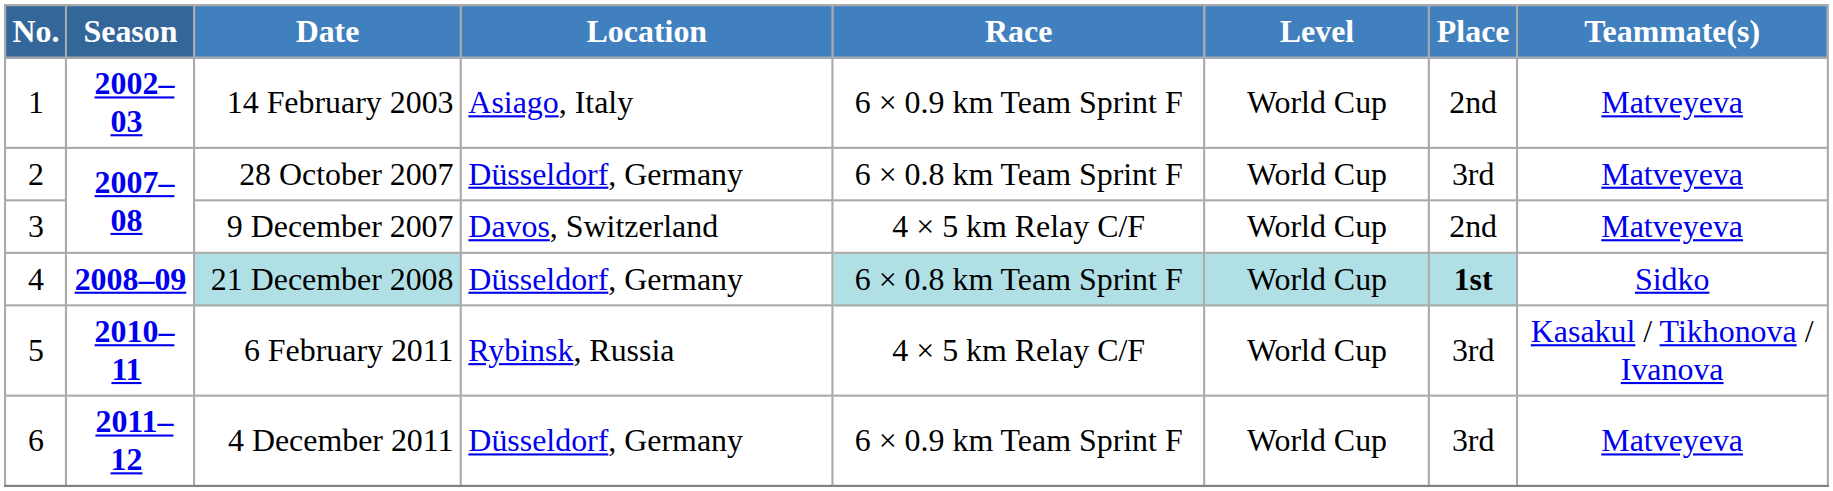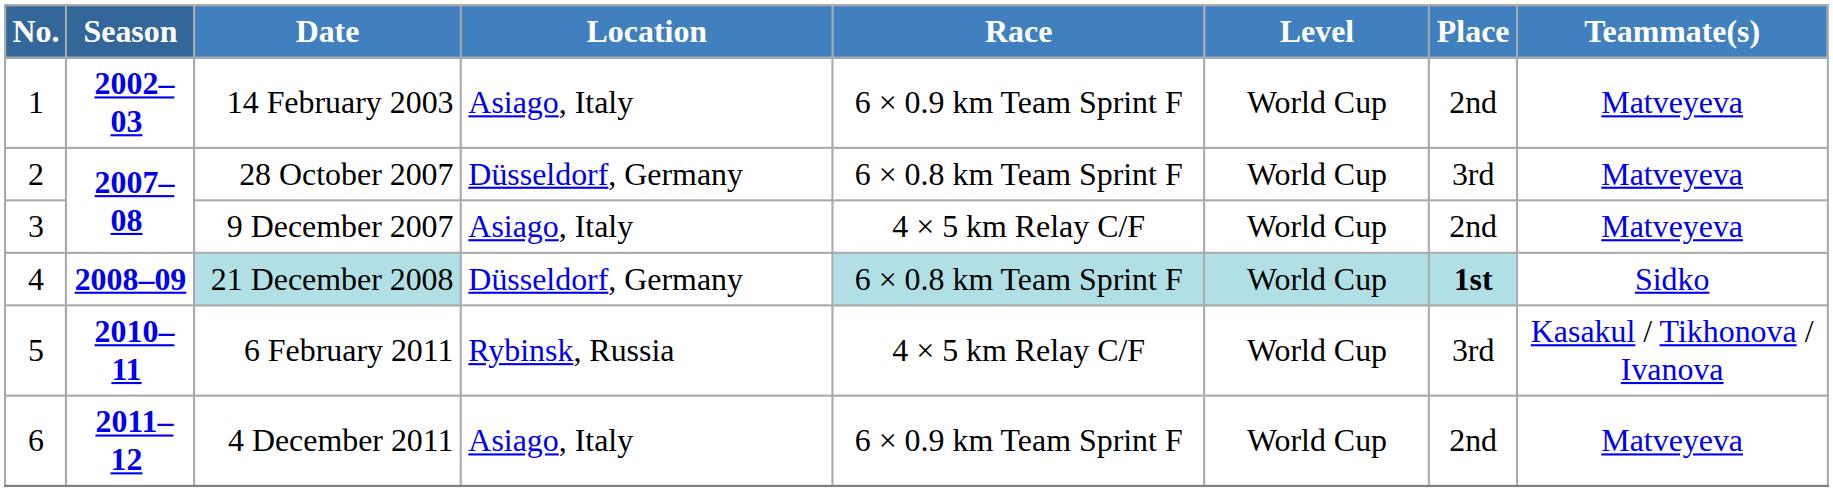 <table class="wikitable sortable" style="font-size:95%; text-align:center; border:grey solid 1px; border-collapse:collapse; background:#ffffff;">
 <tr style="background:#efefef;">
 <th style="background-color:#369; color:white;">No.</th>
 <th style="background-color:#369; color:white;">Season</th>
 <th style="background-color:#4180be; color:white; width:120px;">Date</th>
 <th style="background-color:#4180be; color:white; width:170px;">Location</th>
 <th style="background-color:#4180be; color:white; width:170px;">Race</th>
 <th style="background-color:#4180be; color:white; width:100px;">Level</th>
 <th style="background-color:#4180be; color:white;">Place</th>
 <th style="background-color:#4180be; color:white;">Teammate(s)</th>
 </tr>
 <tr>
 <td align=center>1</td>
 <td rowspan=1 align=center><strong> <a href='#'>2002–03</a> </strong></td>
 <td align=right>14 February 2003</td>
 <td align=left> <a href='#'>Asiago</a>, Italy</td>
 <td>6 × 0.9 km Team Sprint F</td>
 <td>World Cup</td>
 <td>2nd</td>
 <td><a href='#'>Matveyeva</a></td>
 </tr>
 <tr>
 <td align=center>2</td>
 <td rowspan=2 align=center><strong> <a href='#'>2007–08</a> </strong></td>
 <td align=right>28 October 2007</td>
 <td align=left> <a href='#'>Düsseldorf</a>, Germany</td>
 <td>6 × 0.8 km Team Sprint F</td>
 <td>World Cup</td>
 <td>3rd</td>
 <td><a href='#'>Matveyeva</a></td>
 </tr>
 <tr>
 <td align=center>3</td>
 <td align=right>9 December 2007</td>
-<td align=left> <a href='#'>Davos</a>, Switzerland</td>
+<td align=left> <a href='#'>Asiago</a>, Italy</td>
 <td>4 × 5 km Relay C/F</td>
 <td>World Cup</td>
 <td>2nd</td>
 <td><a href='#'>Matveyeva</a></td>
 </tr>
 <tr>
 <td align=center>4</td>
 <td rowspan=1align=center><strong><a href='#'>2008–09</a></strong></td>
 <td bgcolor="#BOEOE6" align=right>21 December 2008</td>
 <td align=left> <a href='#'>Düsseldorf</a>, Germany</td>
 <td bgcolor="#BOEOE6">6 × 0.8 km Team Sprint F</td>
 <td bgcolor="#BOEOE6">World Cup</td>
 <td bgcolor="#BOEOE6"><strong>1st</strong></td>
 <td><a href='#'>Sidko</a></td>
 </tr>
 <tr>
 <td align=center>5</td>
 <td rowspan=1 align=center><strong> <a href='#'>2010–11</a> </strong></td>
 <td align=right>6 February 2011</td>
 <td align=left> <a href='#'>Rybinsk</a>, Russia</td>
 <td>4 × 5 km Relay C/F</td>
 <td>World Cup</td>
 <td>3rd</td>
 <td><a href='#'>Kasakul</a> / <a href='#'>Tikhonova</a> / <a href='#'>Ivanova</a></td>
 </tr>
 <tr>
 <td align=center>6</td>
 <td rowspan=1 align=center><strong> <a href='#'>2011–12</a> </strong></td>
 <td align=right>4 December 2011</td>
-<td align=left> <a href='#'>Düsseldorf</a>, Germany</td>
+<td align=left> <a href='#'>Asiago</a>, Italy</td>
 <td>6 × 0.9 km Team Sprint F</td>
 <td>World Cup</td>
-<td>3rd</td>
+<td>2nd</td>
 <td><a href='#'>Matveyeva</a></td>
 </tr>
 <tr>
 </tr>
 </table>
